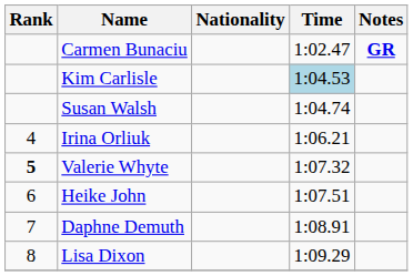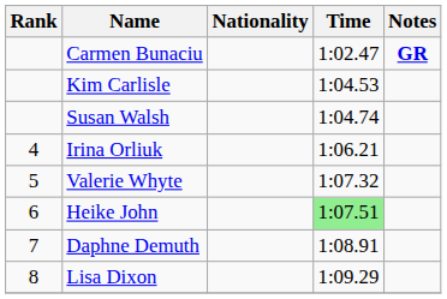 <table class="wikitable sortable" style="text-align:center">
 <tr>
 <th>Rank</th>
 <th>Name</th>
 <th>Nationality</th>
 <th>Time</th>
 <th>Notes</th>
 </tr>
 <tr>
 <td></td>
 <td align="left"><a href='#'>Carmen Bunaciu</a></td>
 <td align="left"></td>
 <td>1:02.47</td>
 <td><strong><a href='#'>GR</a></strong></td>
 </tr>
 <tr>
 <td></td>
 <td align="left"><a href='#'>Kim Carlisle</a></td>
 <td align="left"></td>
-<td style="background: lightblue;">1:04.53</td>
+<td>1:04.53</td>
 <td></td>
 </tr>
 <tr>
 <td></td>
 <td align="left"><a href='#'>Susan Walsh</a></td>
 <td align="left"></td>
 <td>1:04.74</td>
 <td></td>
 </tr>
 <tr>
 <td>4</td>
 <td align="left"><a href='#'>Irina Orliuk</a></td>
 <td align="left"></td>
 <td>1:06.21</td>
 <td></td>
 </tr>
 <tr>
-<td><strong>5</strong></td>
+<td>5</td>
 <td align="left"><a href='#'>Valerie Whyte</a></td>
 <td align="left"></td>
 <td>1:07.32</td>
 <td></td>
 </tr>
 <tr>
 <td>6</td>
 <td align="left"><a href='#'>Heike John</a></td>
 <td align="left"></td>
-<td>1:07.51</td>
+<td style="background: lightgreen;">1:07.51</td>
 <td></td>
 </tr>
 <tr>
 <td>7</td>
 <td align="left"><a href='#'>Daphne Demuth</a></td>
 <td align="left"></td>
 <td>1:08.91</td>
 <td></td>
 </tr>
 <tr>
 <td>8</td>
 <td align="left"><a href='#'>Lisa Dixon</a></td>
 <td align="left"></td>
 <td>1:09.29</td>
 <td></td>
 </tr>
 <tr>
 </tr>
 </table>
